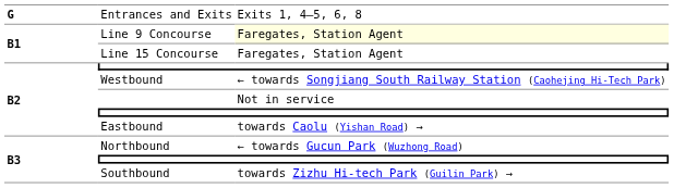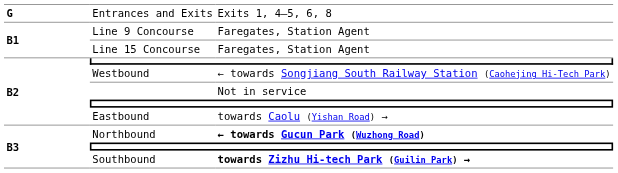 <table cellspacing=0 cellpadding=3>
 <tr>
 <td style="border-top:solid 1px gray;border-bottom:solid 1px gray;" width=100><strong>G</strong></td>
 <td style="border-top:solid 1px gray;border-bottom:solid 1px gray;">Entrances and Exits</td>
 <td style="border-top:solid 1px gray;border-bottom:solid 1px gray;">Exits 1, 4–5, 6, 8</td>
 </tr>
 <tr>
 <td style="border-bottom:solid 1px gray;" rowspan=2><strong>B1</strong></td>
 <td style="border-bottom:solid 1px gray;">Line 9 Concourse</td>
-<td style="background: lightyellow; border-bottom:solid 1px gray;">Faregates, Station Agent</td>
+<td style="border-bottom:solid 1px gray;">Faregates, Station Agent</td>
 </tr>
 <tr>
 <td style="border-bottom:solid 1px gray;">Line 15 Concourse</td>
 <td style="border-bottom:solid 1px gray;">Faregates, Station Agent</td>
 </tr>
 <tr>
 <td style="border-bottom:solid 1px gray;" rowspan=5><strong>B2</strong></td>
 <td style="border-right:solid 2px black;border-left:solid 2px black;border-bottom:solid 2px black;" colspan=2></td>
 </tr>
 <tr>
 <td style="border-bottom:solid 1px gray;">Westbound</td>
 <td style="border-bottom:solid 1px gray;">←  towards <a href='#'>Songjiang South Railway Station</a> <small>(<a href='#'>Caohejing Hi-Tech Park</a>)</small></td>
 </tr>
 <tr>
 <td></td>
 <td>Not in service</td>
 </tr>
 <tr>
 <td style="border-right:solid 2px black;border-left:solid 2px black;border-top:solid 2px black;border-bottom:solid 2px black;" colspan=2></td>
 </tr>
 <tr>
 <td style="border-bottom:solid 1px gray;">Eastbound</td>
 <td style="border-bottom:solid 1px gray;">  towards <a href='#'>Caolu</a> <small>(<a href='#'>Yishan Road</a>)</small> →</td>
 </tr>
 <tr>
 <td style="border-bottom:solid 1px gray;" rowspan=3><strong>B3</strong></td>
 <td>Northbound</td>
-<td>←  towards <a href='#'>Gucun Park</a> <small>(<a href='#'>Wuzhong Road</a>)</small></td>
+<td><strong>←  towards <a href='#'>Gucun Park</a> <small>(<a href='#'>Wuzhong Road</a>)</small></strong></td>
 </tr>
 <tr>
 <td style="border-right:solid 2px black;border-left:solid 2px black;border-top:solid 2px black;border-bottom:solid 2px black;" colspan=2></td>
 </tr>
 <tr>
 <td style="border-bottom:solid 1px gray;">Southbound</td>
-<td style="border-bottom:solid 1px gray;">  towards <a href='#'>Zizhu Hi-tech Park</a> <small>(<a href='#'>Guilin Park</a>)</small> →</td>
+<td style="border-bottom:solid 1px gray;"><strong>  towards <a href='#'>Zizhu Hi-tech Park</a> <small>(<a href='#'>Guilin Park</a>)</small> →</strong></td>
 </tr>
 </table>
